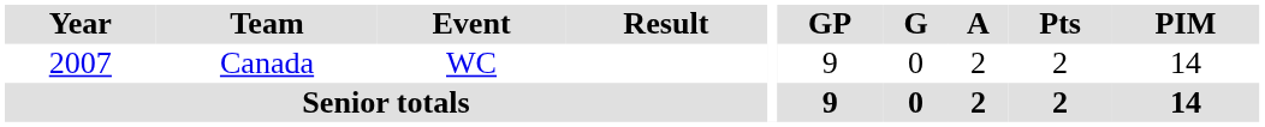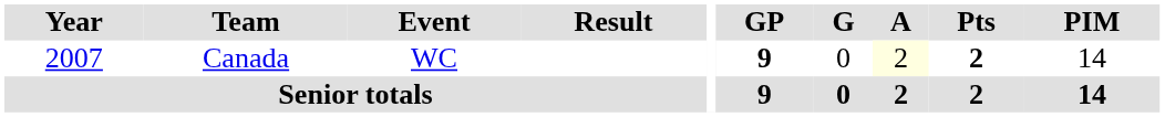 <table border="0" cellpadding="1" cellspacing="0" ID="Table3" style="text-align:center; width:40em">
 <tr ALIGN="center" bgcolor="#e0e0e0">
 <th>Year</th>
 <th>Team</th>
 <th>Event</th>
 <th>Result</th>
 <th rowspan="99" bgcolor="#ffffff"></th>
 <th>GP</th>
 <th>G</th>
 <th>A</th>
 <th>Pts</th>
 <th>PIM</th>
 </tr>
 <tr>
 <td><a href='#'>2007</a></td>
 <td><a href='#'>Canada</a></td>
 <td><a href='#'>WC</a></td>
 <td></td>
-<td>9</td>
+<td><strong>9</strong></td>
 <td>0</td>
-<td>2</td>
-<td>2</td>
+<td style="background: lightyellow;">2</td>
+<td><strong>2</strong></td>
 <td>14</td>
 </tr>
 <tr bgcolor="#e0e0e0">
 <th colspan=4>Senior totals</th>
 <th>9</th>
 <th>0</th>
 <th>2</th>
 <th>2</th>
 <th>14</th>
 </tr>
 </table>
